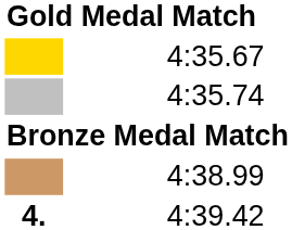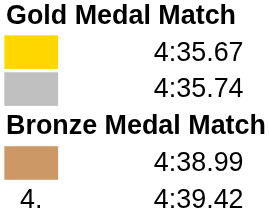 <table style="text-align:center">
 <tr>
 <td colspan=4 align=left><strong>Gold Medal Match</strong></td>
 </tr>
 <tr>
 <td width=30 bgcolor=gold></td>
 <td align=left></td>
 <td width=80>4:35.67</td>
 </tr>
 <tr>
 <td bgcolor=silver></td>
 <td align=left></td>
 <td>4:35.74</td>
 </tr>
 <tr>
 <td colspan=4 align=left><strong>Bronze Medal Match</strong></td>
 </tr>
 <tr>
 <td bgcolor=cc9966></td>
 <td align=left></td>
 <td>4:38.99</td>
 </tr>
 <tr>
-<td><strong>4.</strong></td>
+<td>4.</td>
 <td align=left></td>
 <td>4:39.42</td>
 </tr>
 </table>
